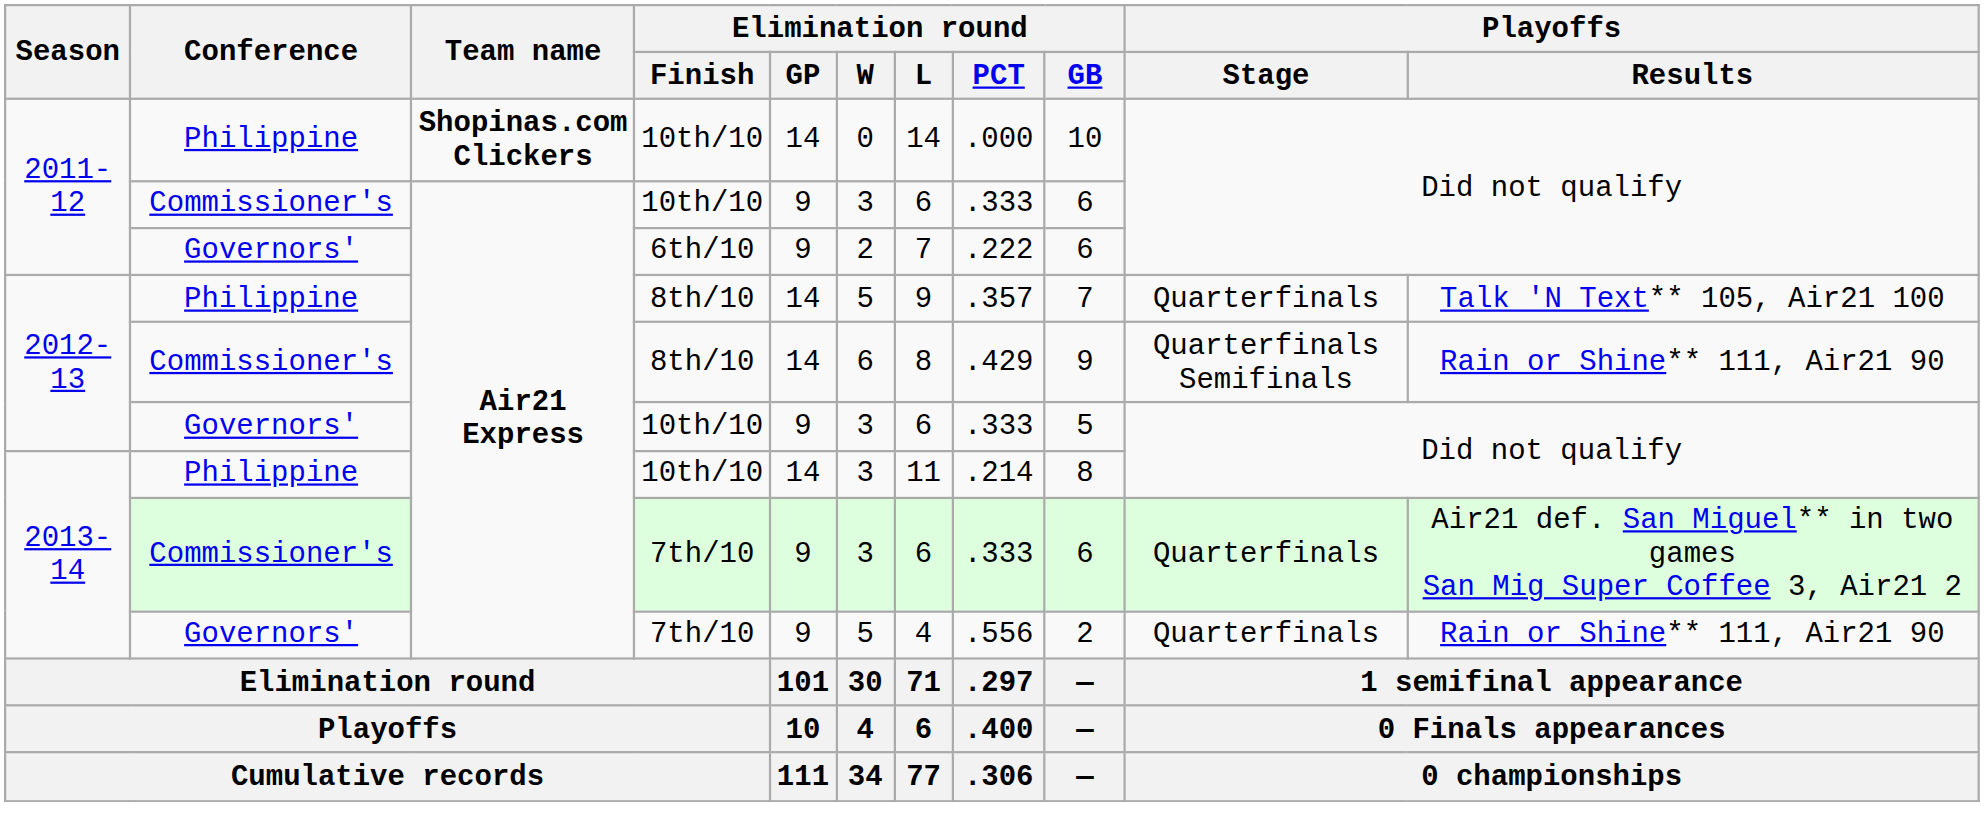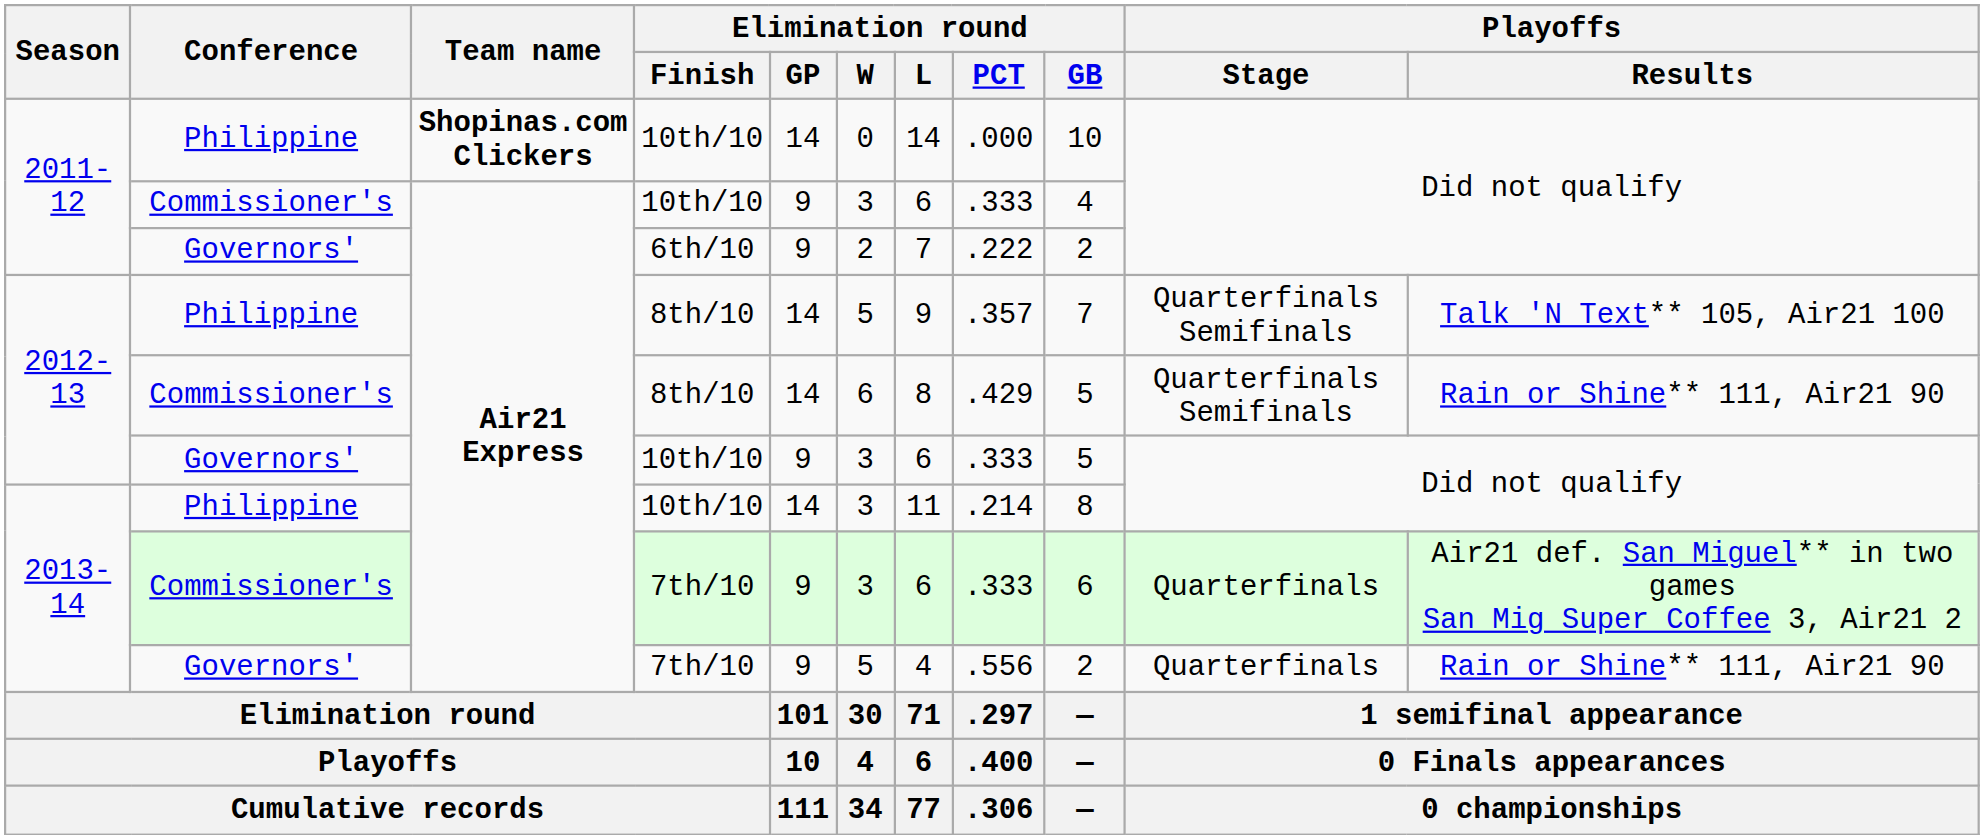 <table class=wikitable style="text-align:center;">
 <tr>
 <th width=50px rowspan=2>Season</th>
 <th width=120px rowspan=2>Conference</th>
 <th width=60px rowspan=2>Team name</th>
 <th colspan=6>Elimination round</th>
 <th colspan=2>Playoffs</th>
 </tr>
 <tr>
 <th width=50px>Finish</th>
 <th width=20px>GP</th>
 <th width=20px>W</th>
 <th width=20px>L</th>
 <th width=35px><a href='#'>PCT</a></th>
 <th width=30px><a href='#'>GB</a></th>
 <th width=120px>Stage</th>
 <th width=250px>Results</th>
 </tr>
 <tr>
 <td rowspan=3><a href='#'>2011-12</a></td>
 <td><a href='#'>Philippine</a></td>
 <td><strong>Shopinas.com Clickers</strong></td>
 <td>10th/10</td>
 <td>14</td>
 <td>0</td>
 <td>14</td>
 <td>.000</td>
 <td>10</td>
 <td colspan=2 rowspan=3>Did not qualify</td>
 </tr>
 <tr>
 <td><a href='#'>Commissioner's</a></td>
 <td rowspan=8><strong>Air21 Express</strong></td>
 <td>10th/10</td>
 <td>9</td>
 <td>3</td>
 <td>6</td>
 <td>.333</td>
-<td>6</td>
+<td>4</td>
 </tr>
 <tr>
 <td><a href='#'>Governors'</a></td>
 <td>6th/10</td>
 <td>9</td>
 <td>2</td>
 <td>7</td>
 <td>.222</td>
-<td>6</td>
+<td>2</td>
 </tr>
 <tr>
 <td rowspan=3><a href='#'>2012-13</a></td>
 <td><a href='#'>Philippine</a></td>
 <td>8th/10</td>
 <td>14</td>
 <td>5</td>
 <td>9</td>
 <td>.357</td>
 <td>7</td>
-<td>Quarterfinals</td>
+<td>Quarterfinals <br>Semifinals</td>
 <td><a href='#'>Talk 'N Text</a>** 105, Air21 100</td>
 </tr>
 <tr>
 <td><a href='#'>Commissioner's</a></td>
 <td>8th/10</td>
 <td>14</td>
 <td>6</td>
 <td>8</td>
 <td>.429</td>
-<td>9</td>
+<td>5</td>
 <td>Quarterfinals <br>Semifinals</td>
 <td><a href='#'>Rain or Shine</a>** 111, Air21 90</td>
 </tr>
 <tr>
 <td><a href='#'>Governors'</a></td>
 <td>10th/10</td>
 <td>9</td>
 <td>3</td>
 <td>6</td>
 <td>.333</td>
 <td>5</td>
 <td colspan=2 rowspan=2>Did not qualify</td>
 </tr>
 <tr>
 <td rowspan=3><a href='#'>2013-14</a></td>
 <td><a href='#'>Philippine</a></td>
 <td>10th/10</td>
 <td>14</td>
 <td>3</td>
 <td>11</td>
 <td>.214</td>
 <td>8</td>
 </tr>
 <tr bgcolor=#DDFFDD>
 <td><a href='#'>Commissioner's</a></td>
 <td>7th/10</td>
 <td>9</td>
 <td>3</td>
 <td>6</td>
 <td>.333</td>
 <td>6</td>
 <td>Quarterfinals</td>
 <td>Air21 def. <a href='#'>San Miguel</a>** in two games <br> <a href='#'>San Mig Super Coffee</a> 3, Air21 2</td>
 </tr>
 <tr>
 <td><a href='#'>Governors'</a></td>
 <td>7th/10</td>
 <td>9</td>
 <td>5</td>
 <td>4</td>
 <td>.556</td>
 <td>2</td>
 <td>Quarterfinals</td>
 <td><a href='#'>Rain or Shine</a>** 111, Air21 90</td>
 </tr>
 <tr>
 <th colspan=4>Elimination round</th>
 <th>101</th>
 <th>30</th>
 <th>71</th>
 <th>.297</th>
 <th>—</th>
 <th colspan=3>1 semifinal appearance</th>
 </tr>
 <tr>
 <th colspan=4>Playoffs</th>
 <th>10</th>
 <th>4</th>
 <th>6</th>
 <th>.400</th>
 <th>—</th>
 <th colspan=3>0 Finals appearances</th>
 </tr>
 <tr>
 <th colspan=4>Cumulative records</th>
 <th>111</th>
 <th>34</th>
 <th>77</th>
 <th>.306</th>
 <th>—</th>
 <th colspan=3>0 championships</th>
 </tr>
 </table>
